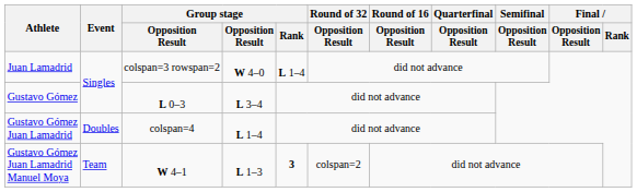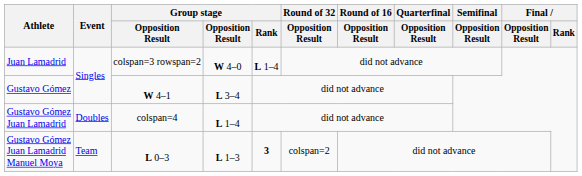 <table class=wikitable style=font-size:90%;text-align:center>
 <tr>
 <th rowspan=2>Athlete</th>
 <th rowspan=2>Event</th>
 <th colspan=3>Group stage</th>
 <th>Round of 32</th>
 <th>Round of 16</th>
 <th>Quarterfinal</th>
 <th>Semifinal</th>
 <th colspan=2>Final / </th>
 </tr>
 <tr style=font-size:95%>
 <th>Opposition<br>Result</th>
 <th>Opposition<br>Result</th>
 <th>Rank</th>
 <th>Opposition<br>Result</th>
 <th>Opposition<br>Result</th>
 <th>Opposition<br>Result</th>
 <th>Opposition<br>Result</th>
 <th>Opposition<br>Result</th>
 <th>Rank</th>
 </tr>
 <tr>
 <td align=left><a href='#'>Juan Lamadrid</a></td>
 <td align=left rowspan=2><a href='#'>Singles</a></td>
 <td>colspan=3 rowspan=2 </td>
 <td><br><strong>W</strong> 4–0</td>
 <td><br><strong>L</strong> 1–4</td>
 <td colspan=4>did not advance</td>
 </tr>
 <tr>
 <td align=left><a href='#'>Gustavo Gómez</a></td>
-<td><br><strong>L</strong> 0–3</td>
+<td><br><strong>W</strong> 4–1</td>
 <td><br><strong>L</strong> 3–4</td>
 <td colspan=4>did not advance</td>
 </tr>
 <tr>
 <td align=left><a href='#'>Gustavo Gómez</a><br><a href='#'>Juan Lamadrid</a></td>
 <td align=left><a href='#'>Doubles</a></td>
 <td>colspan=4 </td>
 <td><br><strong>L</strong> 1–4</td>
 <td colspan=4>did not advance</td>
 </tr>
 <tr>
 <td align=left><a href='#'>Gustavo Gómez</a><br><a href='#'>Juan Lamadrid</a><br><a href='#'>Manuel Moya</a></td>
 <td align=left><a href='#'>Team</a></td>
-<td><br><strong>W</strong> 4–1</td>
+<td><br><strong>L</strong> 0–3</td>
 <td><br><strong>L</strong> 1–3</td>
 <td><strong>3</strong></td>
 <td>colspan=2 </td>
 <td colspan=4>did not advance</td>
 </tr>
 </table>
